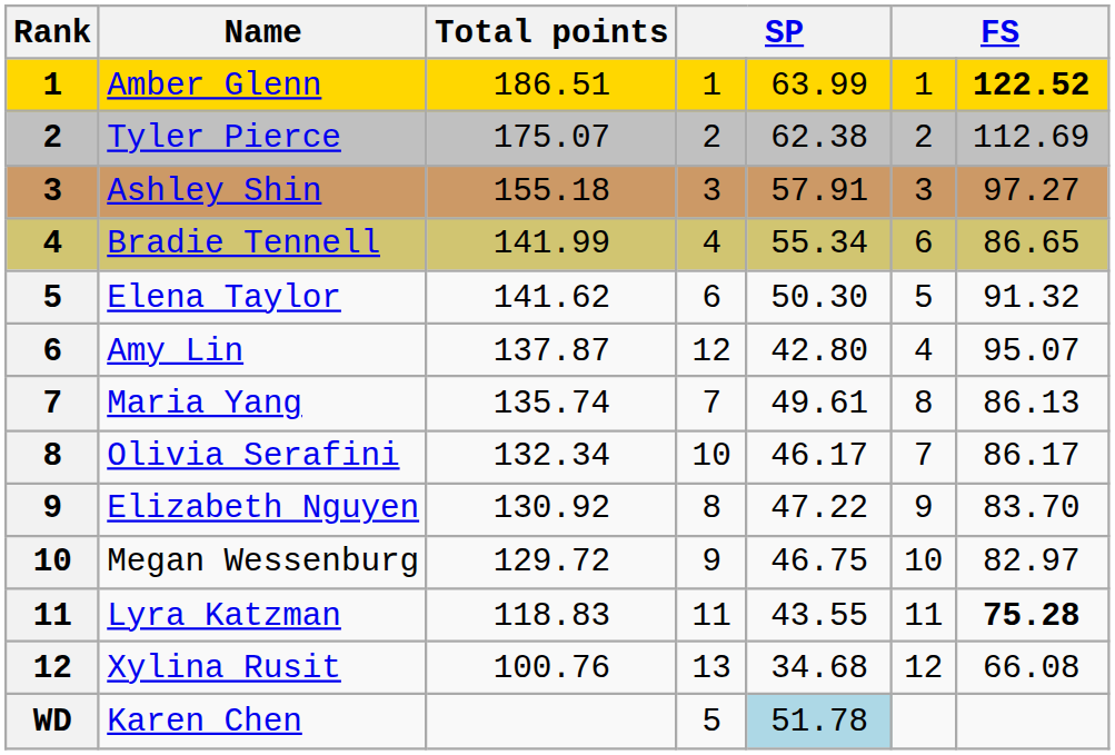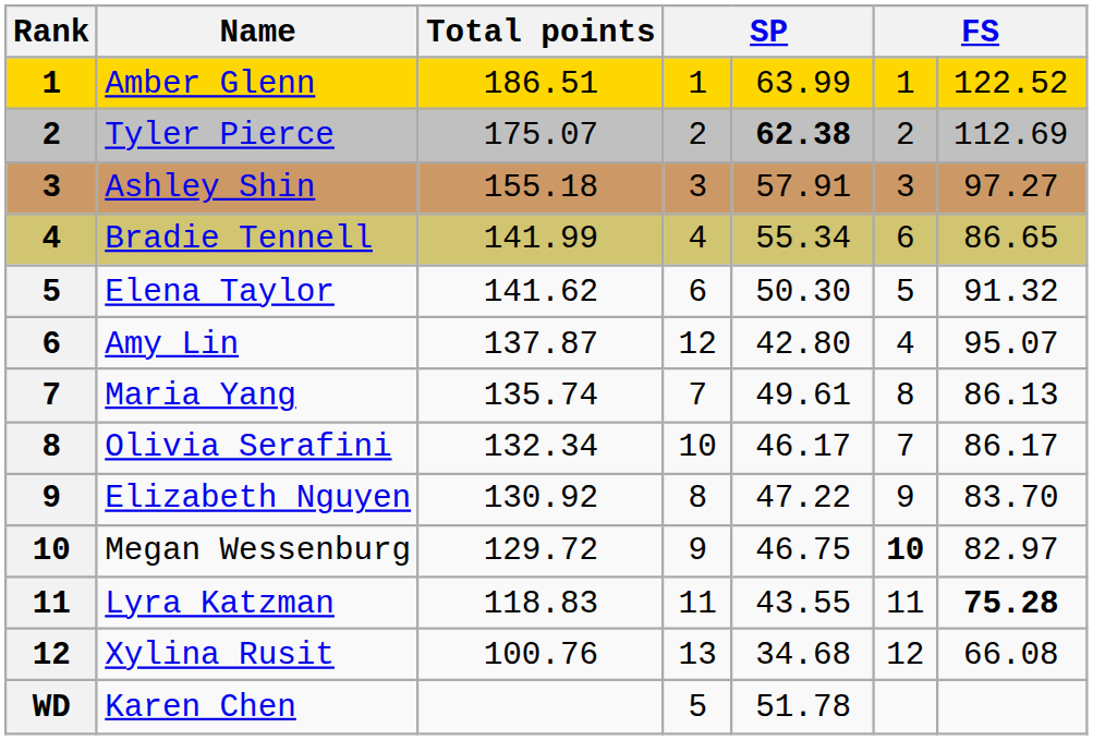 <table class="wikitable sortable">
 <tr>
 <th>Rank</th>
 <th>Name</th>
 <th>Total points</th>
 <th colspan="2" width="80px"><a href='#'>SP</a></th>
 <th colspan="2" width="80px"><a href='#'>FS</a></th>
 </tr>
 <tr bgcolor="gold">
 <td align="center"><strong>1</strong></td>
 <td><a href='#'>Amber Glenn</a></td>
 <td align="center">186.51</td>
 <td align="center">1</td>
 <td align="center">63.99</td>
 <td align="center">1</td>
-<td align="center"><strong>122.52</strong></td>
+<td align="center">122.52</td>
 </tr>
 <tr bgcolor="silver">
 <td align="center"><strong>2</strong></td>
 <td><a href='#'>Tyler Pierce</a></td>
 <td align="center">175.07</td>
 <td align="center">2</td>
-<td align="center">62.38</td>
+<td align="center"><strong>62.38</strong></td>
 <td align="center">2</td>
 <td align="center">112.69</td>
 </tr>
 <tr bgcolor="cc9966">
 <td align="center"><strong>3</strong></td>
 <td><a href='#'>Ashley Shin</a></td>
 <td align="center">155.18</td>
 <td align="center">3</td>
 <td align="center">57.91</td>
 <td align="center">3</td>
 <td align="center">97.27</td>
 </tr>
 <tr bgcolor="#d1c571">
 <td align="center"><strong>4</strong></td>
 <td><a href='#'>Bradie Tennell</a></td>
 <td align="center">141.99</td>
 <td align="center">4</td>
 <td align="center">55.34</td>
 <td align="center">6</td>
 <td align="center">86.65</td>
 </tr>
 <tr>
 <th>5</th>
 <td><a href='#'>Elena Taylor</a></td>
 <td align="center">141.62</td>
 <td align="center">6</td>
 <td align="center">50.30</td>
 <td align="center">5</td>
 <td align="center">91.32</td>
 </tr>
 <tr>
 <th>6</th>
 <td><a href='#'>Amy Lin</a></td>
 <td align="center">137.87</td>
 <td align="center">12</td>
 <td align="center">42.80</td>
 <td align="center">4</td>
 <td align="center">95.07</td>
 </tr>
 <tr>
 <th>7</th>
 <td><a href='#'>Maria Yang</a></td>
 <td align="center">135.74</td>
 <td align="center">7</td>
 <td align="center">49.61</td>
 <td align="center">8</td>
 <td align="center">86.13</td>
 </tr>
 <tr>
 <th>8</th>
 <td><a href='#'>Olivia Serafini</a></td>
 <td align="center">132.34</td>
 <td align="center">10</td>
 <td align="center">46.17</td>
 <td align="center">7</td>
 <td align="center">86.17</td>
 </tr>
 <tr>
 <th>9</th>
 <td><a href='#'>Elizabeth Nguyen</a></td>
 <td align="center">130.92</td>
 <td align="center">8</td>
 <td align="center">47.22</td>
 <td align="center">9</td>
 <td align="center">83.70</td>
 </tr>
 <tr>
 <th>10</th>
 <td>Megan Wessenburg</td>
 <td align="center">129.72</td>
 <td align="center">9</td>
 <td align="center">46.75</td>
-<td align="center">10</td>
+<td align="center"><strong>10</strong></td>
 <td align="center">82.97</td>
 </tr>
 <tr>
 <th>11</th>
 <td><a href='#'>Lyra Katzman</a></td>
 <td align="center">118.83</td>
 <td align="center">11</td>
 <td align="center">43.55</td>
 <td align="center">11</td>
 <td align="center"><strong>75.28</strong></td>
 </tr>
 <tr>
 <th>12</th>
 <td><a href='#'>Xylina Rusit</a></td>
 <td align="center">100.76</td>
 <td align="center">13</td>
 <td align="center">34.68</td>
 <td align="center">12</td>
 <td align="center">66.08</td>
 </tr>
 <tr>
 <th>WD</th>
 <td><a href='#'>Karen Chen</a></td>
 <td align="center"></td>
 <td align="center">5</td>
-<td align="center" style="background: lightblue;">51.78</td>
+<td align="center">51.78</td>
 <td align="center"></td>
 <td align="center"></td>
 </tr>
 </table>
